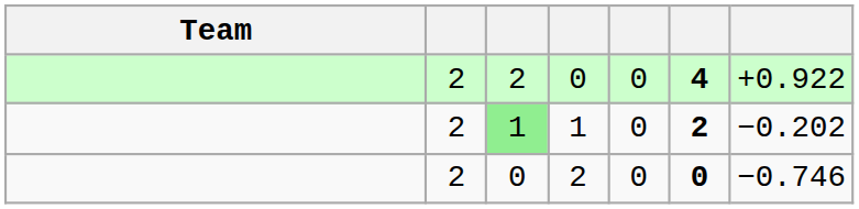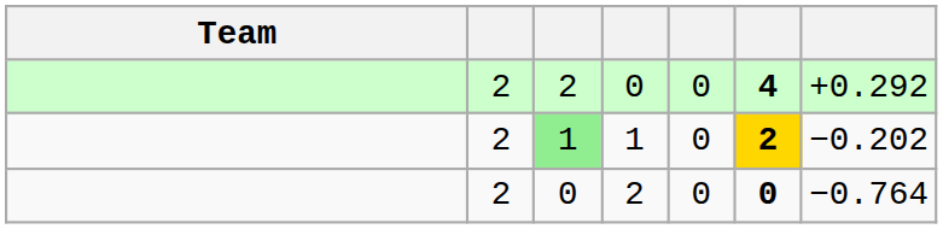 <table class="wikitable" style="text-align:center;">
 <tr>
 <th width=175>Team</th>
 <th style="width:20px;"></th>
 <th style="width:20px;"></th>
 <th style="width:20px;"></th>
 <th style="width:20px;"></th>
 <th style="width:20px;"></th>
 <th style="width:20px;"></th>
 </tr>
 <tr style="background:#cfc">
 <td align=left></td>
 <td>2</td>
 <td>2</td>
 <td>0</td>
 <td>0</td>
 <td><strong>4</strong></td>
-<td>+0.922</td>
+<td>+0.292</td>
 </tr>
 <tr>
 <td align=left></td>
 <td>2</td>
 <td style="background: lightgreen;">1</td>
 <td>1</td>
 <td>0</td>
-<td><strong>2</strong></td>
+<td style="background: gold;"><strong>2</strong></td>
 <td>−0.202</td>
 </tr>
 <tr>
 <td align=left></td>
 <td>2</td>
 <td>0</td>
 <td>2</td>
 <td>0</td>
 <td><strong>0</strong></td>
-<td>−0.746</td>
+<td>−0.764</td>
 </tr>
 </table>
